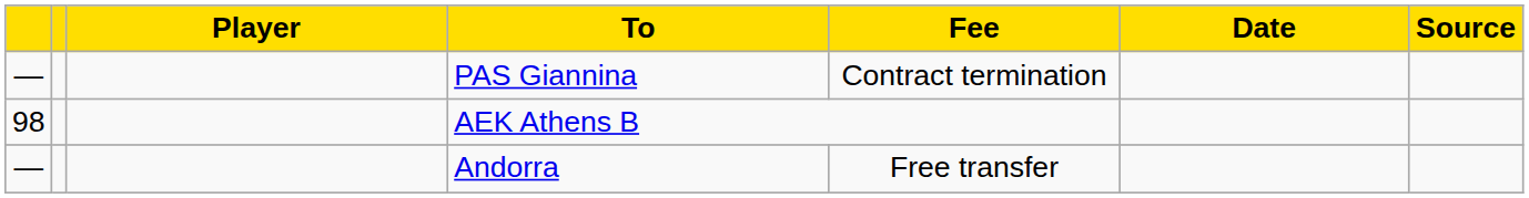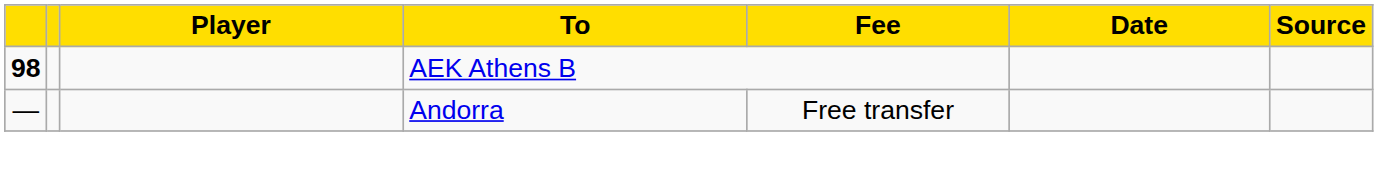 <table class="wikitable sortable">
 <tr>
 <th style="background:#FFDE00"></th>
 <th style="background:#FFDE00"></th>
 <th width=200 style="background:#FFDE00">Player</th>
 <th width=200 style="background:#FFDE00">To</th>
 <th width=150 style="background:#FFDE00">Fee</th>
 <th width=150 style="background:#FFDE00">Date</th>
 <th style="background:#FFDE00">Source</th>
 </tr>
 <tr>
-<td align=center>—</td>
-<td align=center></td>
-<td></td>
-<td> <a href='#'>PAS Giannina</a></td>
-<td align=center>Contract termination</td>
-<td align=center></td>
-<td align=center></td>
-</tr>
-<tr>
-<td align=center>98</td>
+<td align=center><strong>98</strong></td>
 <td align=center></td>
 <td></td>
 <td colspan=2> <a href='#'>AEK Athens Β</a></td>
 <td align=center></td>
 <td align=center></td>
 </tr>
 <tr>
 <td align=center>—</td>
 <td align=center></td>
 <td></td>
 <td> <a href='#'>Andorra</a></td>
 <td align=center>Free transfer</td>
 <td align=center></td>
 <td align=center></td>
 </tr>
 </table>
